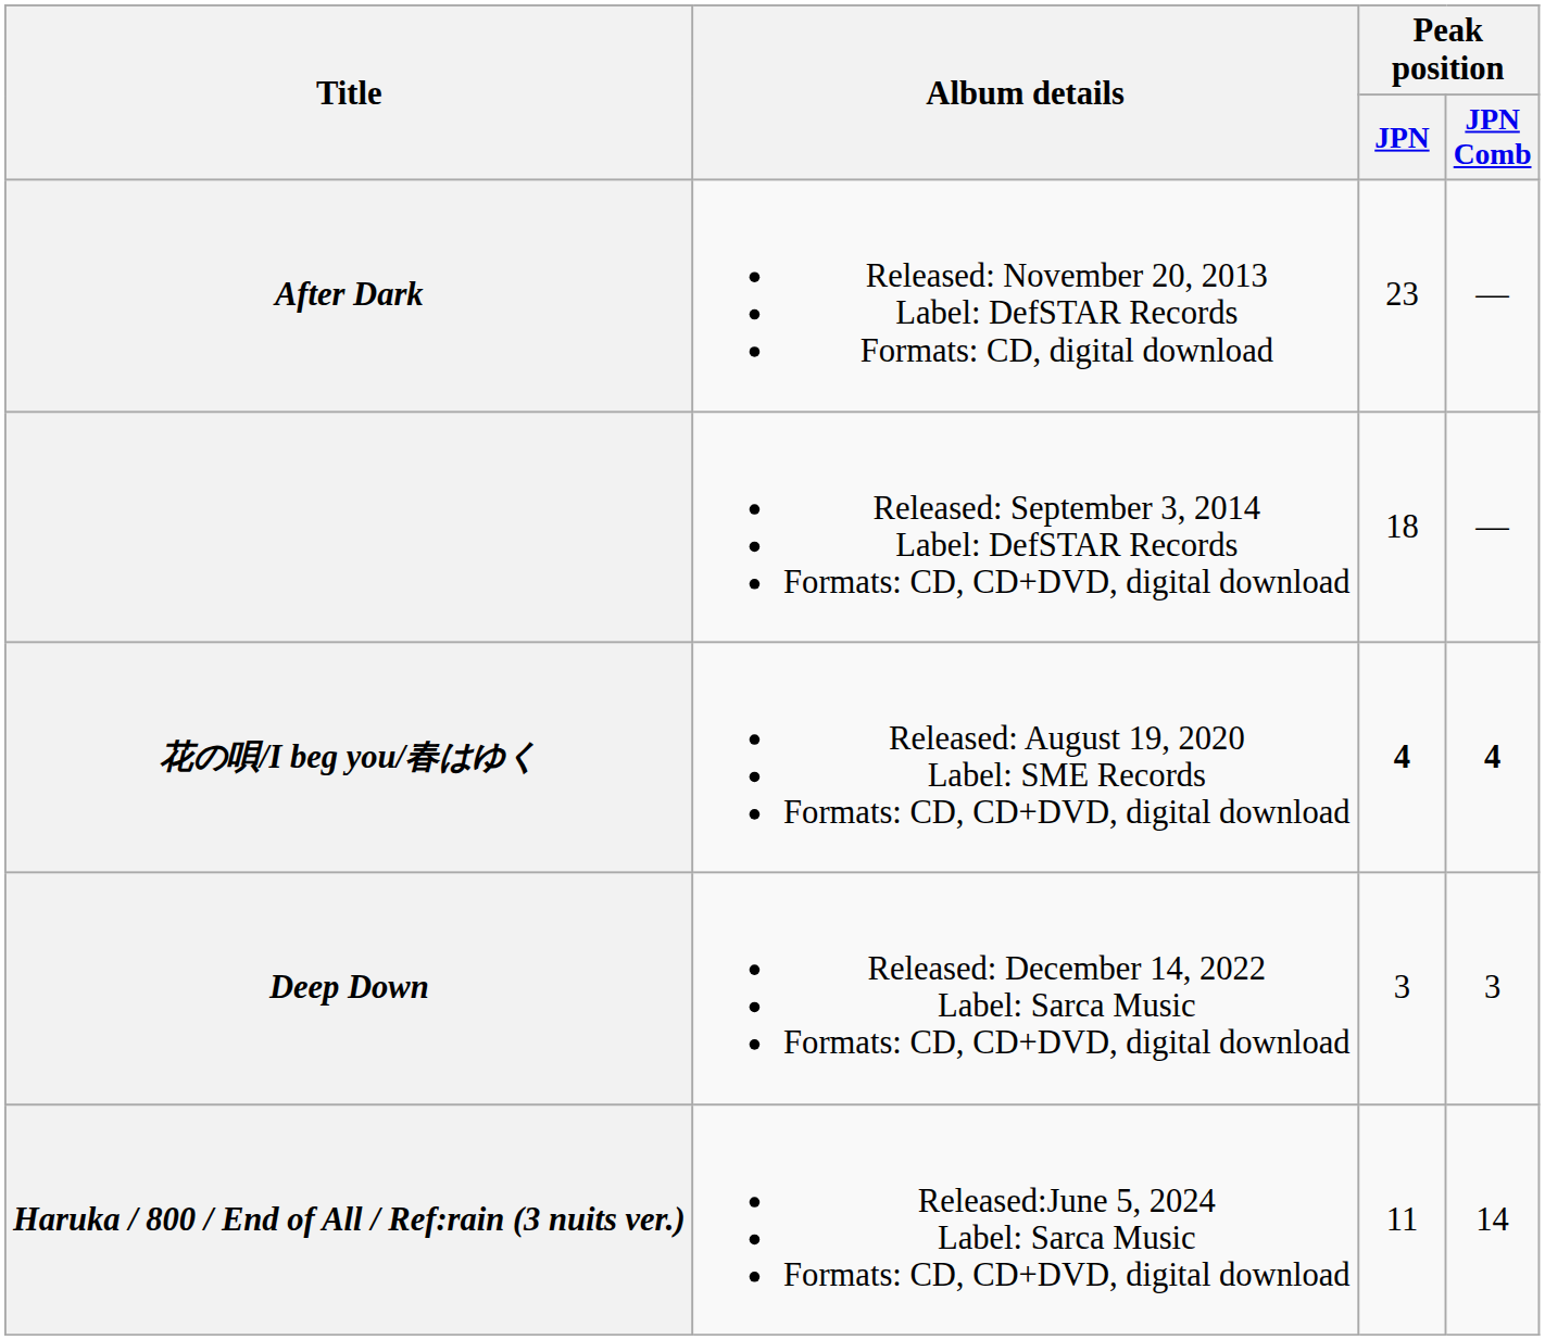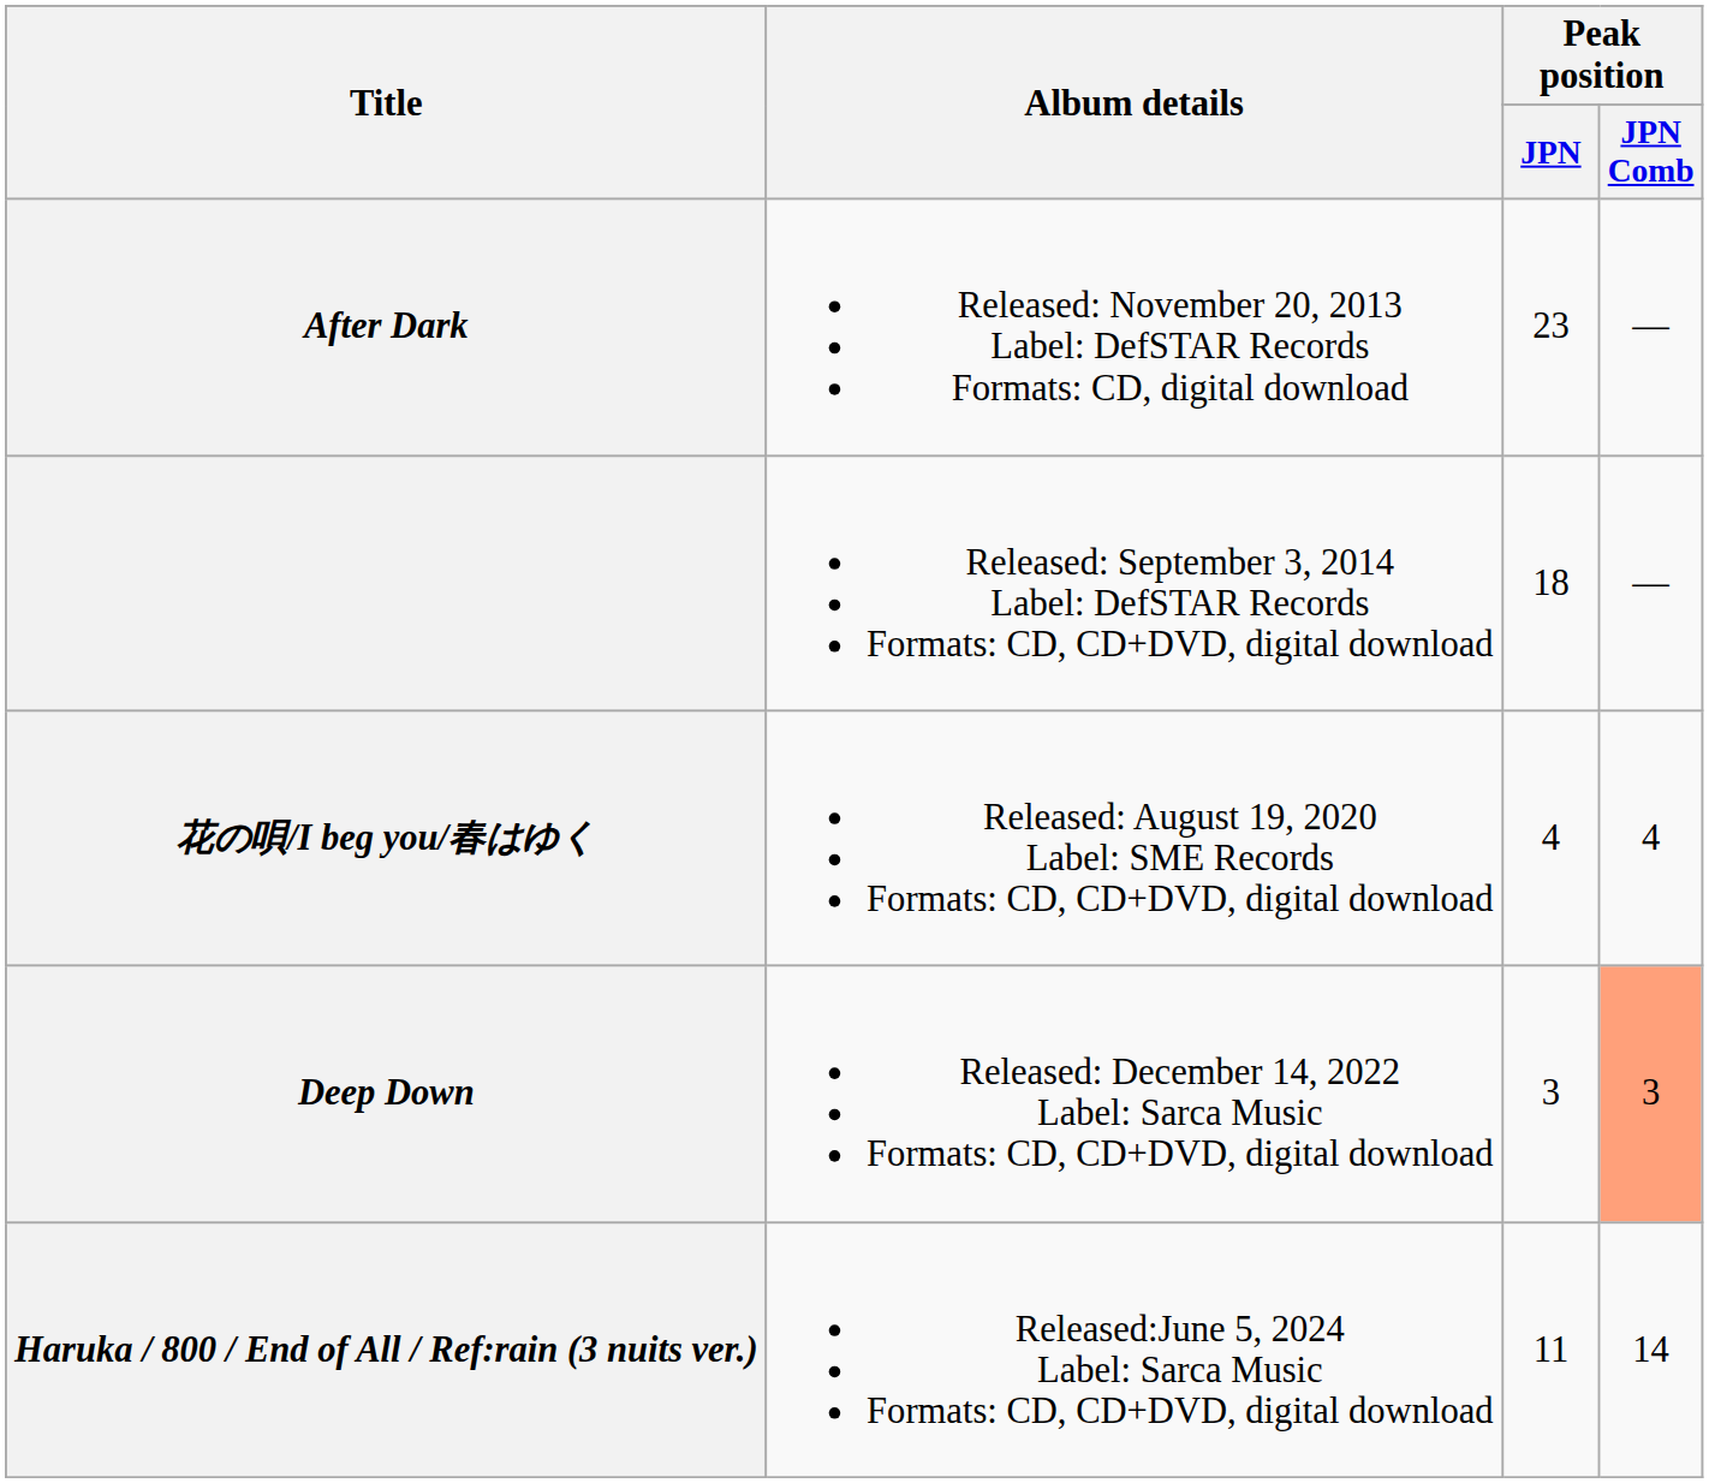 <table class="wikitable plainrowheaders" style="text-align:center">
 <tr>
 <th scope="col" rowspan="2">Title</th>
 <th scope="col" rowspan="2">Album details</th>
 <th scope="col" colspan="2">Peak position</th>
 </tr>
 <tr>
 <th scope="col" style="font-size:90%; width:2.5em"><a href='#'>JPN</a> <br></th>
 <th scope="col" style="font-size:90%; width:2.5em"><a href='#'>JPN<br>Comb</a><br></th>
 </tr>
 <tr>
 <th scope="row"><em>After Dark</em></th>
 <td><br><ul><li>Released: November 20, 2013</li><li>Label: DefSTAR Records</li><li>Formats: CD, digital download</li></ul></td>
 <td>23</td>
 <td>—</td>
 </tr>
 <tr>
 <th scope="row"></th>
 <td><br><ul><li>Released: September 3, 2014</li><li>Label: DefSTAR Records</li><li>Formats: CD, CD+DVD, digital download</li></ul></td>
 <td>18</td>
 <td>—</td>
 </tr>
 <tr>
 <th scope="row"><em>花の唄/I beg you/春はゆく</em></th>
 <td><br><ul><li>Released: August 19, 2020</li><li>Label: SME Records</li><li>Formats: CD, CD+DVD, digital download</li></ul></td>
-<td><strong>4</strong></td>
-<td><strong>4</strong></td>
+<td>4</td>
+<td>4</td>
 </tr>
 <tr>
 <th scope="row"><em>Deep Down</em></th>
 <td><br><ul><li>Released: December 14, 2022</li><li>Label: Sarca Music</li><li>Formats: CD, CD+DVD, digital download</li></ul></td>
 <td>3</td>
-<td>3</td>
+<td style="background: lightsalmon;">3</td>
 </tr>
 <tr>
 <th scope="row"><em>Haruka / 800 / End of All / Ref:rain (3 nuits ver.)</em></th>
 <td><br><ul><li>Released:June 5, 2024</li><li>Label: Sarca Music</li><li>Formats: CD, CD+DVD, digital download</li></ul></td>
 <td>11</td>
 <td>14</td>
 </tr>
 </table>
